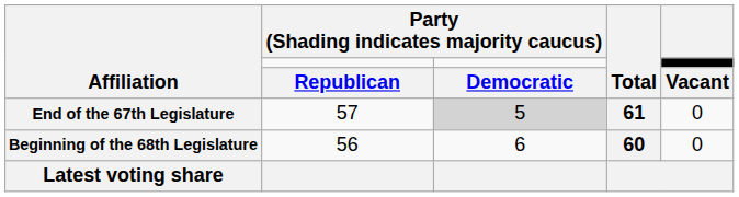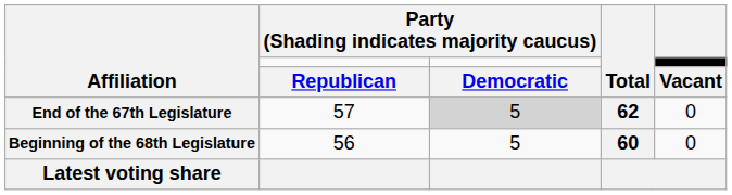 <table class=wikitable style="text-align:center">
 <tr style="vertical-align:bottom;">
 <th rowspan=3>Affiliation</th>
 <th colspan="2">Party <div>(Shading indicates majority caucus)</div></th>
 <th rowspan=3>Total</th>
 <th></th>
 </tr>
 <tr -style="height:5px">
 <td style="background-color:"></td>
 <td style="background-color:"></td>
 <td style="background-color:black"></td>
 </tr>
 <tr>
 <th><a href='#'>Republican</a></th>
 <th><a href='#'>Democratic</a></th>
 <th>Vacant</th>
 </tr>
 <tr>
 <th nowrap style="font-size:80%">End of the 67th Legislature</th>
 <td>57</td>
 <td style="background: lightgrey;">5</td>
-<th>61</th>
+<th>62</th>
 <td>0</td>
 </tr>
 <tr>
 <th nowrap style="font-size:80%">Beginning of the 68th Legislature</th>
 <td>56</td>
-<td>6</td>
+<td>5</td>
 <th>60</th>
 <td>0</td>
 </tr>
 <tr>
 <th>Latest voting share</th>
 <th></th>
 <th></th>
 <th colspan=2></th>
 </tr>
 </table>
